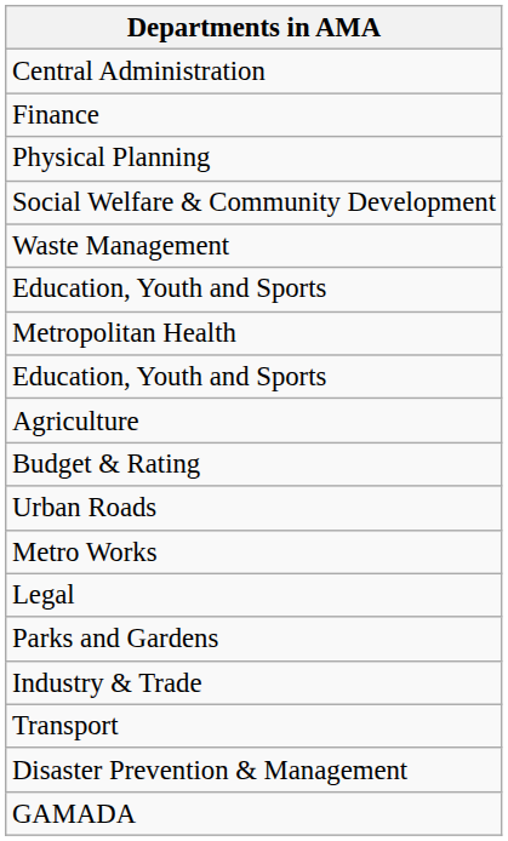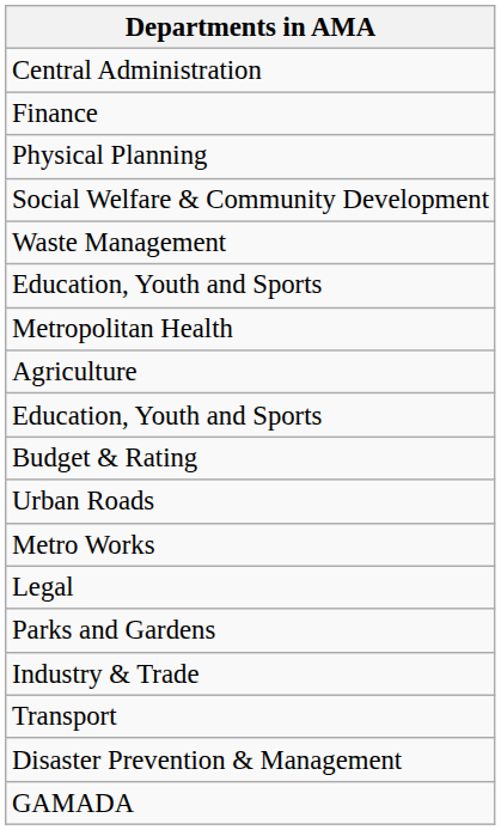 <table class="wikitable">
 <tr>
 <th>Departments in AMA</th>
 </tr>
 <tr>
 <td>Central Administration</td>
 </tr>
 <tr>
 <td>Finance</td>
 </tr>
 <tr>
 <td>Physical Planning</td>
 </tr>
 <tr>
 <td>Social Welfare & Community Development</td>
 </tr>
 <tr>
 <td>Waste Management</td>
 </tr>
 <tr>
 <td>Education, Youth and Sports</td>
 </tr>
 <tr>
 <td>Metropolitan Health</td>
 </tr>
 <tr>
-<td>Education, Youth and Sports</td>
+<td>Agriculture</td>
 </tr>
 <tr>
-<td>Agriculture</td>
+<td>Education, Youth and Sports</td>
 </tr>
 <tr>
 <td>Budget & Rating</td>
 </tr>
 <tr>
 <td>Urban Roads</td>
 </tr>
 <tr>
 <td>Metro Works</td>
 </tr>
 <tr>
 <td>Legal</td>
 </tr>
 <tr>
 <td>Parks and Gardens</td>
 </tr>
 <tr>
 <td>Industry & Trade</td>
 </tr>
 <tr>
 <td>Transport</td>
 </tr>
 <tr>
 <td>Disaster Prevention & Management</td>
 </tr>
 <tr>
 <td>GAMADA</td>
 </tr>
 </table>
